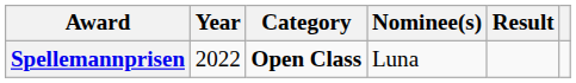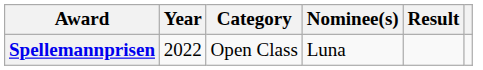 <table class="wikitable plainrowheaders" style="text-align:left;">
 <tr>
 <th scope="col">Award</th>
 <th scope="col">Year</th>
 <th scope="col">Category</th>
 <th scope="col">Nominee(s)</th>
 <th scope="col">Result</th>
 <th scope="col"></th>
 </tr>
 <tr>
 <th scope="row"><a href='#'>Spellemannprisen</a></th>
 <td align="center" rowspan="3">2022</td>
-<td><strong>Open Class</strong></td>
+<td>Open Class</td>
 <td rowspan="6">Luna</td>
 <td></td>
 <td align="center"></td>
 </tr>
 </table>
